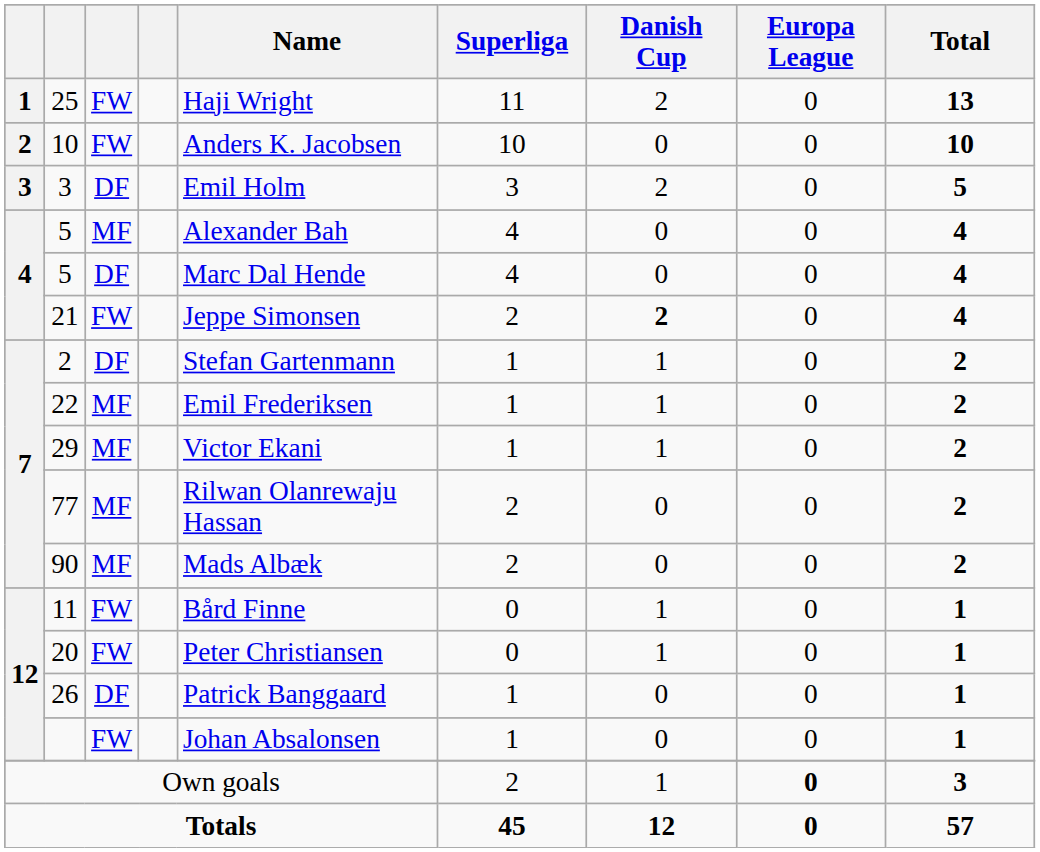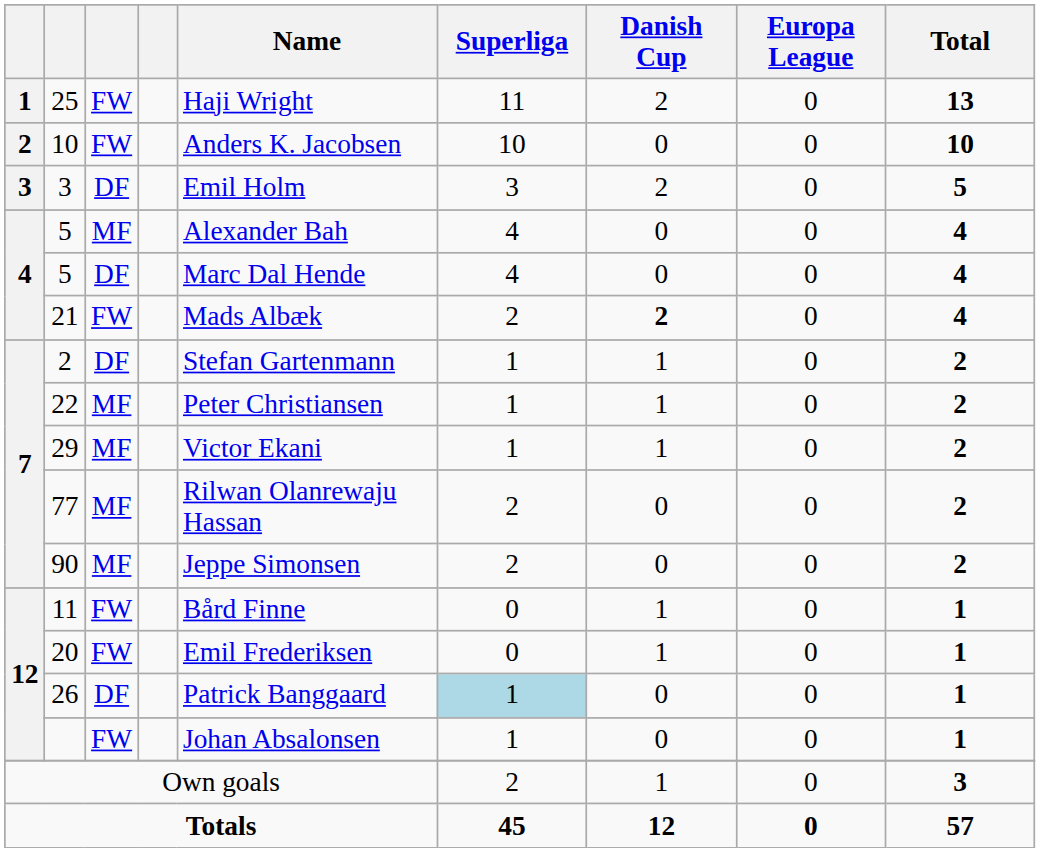 <table class="wikitable" style="text-align:center">
 <tr>
 <th width=15></th>
 <th width=15></th>
 <th width=15></th>
 <th width=15></th>
 <th width=145>Name</th>
 <th width=80><a href='#'>Superliga</a></th>
 <th width=80><a href='#'>Danish Cup</a></th>
 <th width=80><a href='#'>Europa League</a></th>
 <th width=80>Total</th>
 </tr>
 <tr>
 <th rowspan=1>1</th>
 <td>25</td>
 <td><a href='#'>FW</a></td>
 <td></td>
 <td align=left><a href='#'>Haji Wright</a></td>
 <td>11</td>
 <td>2</td>
 <td>0</td>
 <td><strong>13</strong></td>
 </tr>
 <tr>
 <th rowspan=1>2</th>
 <td>10</td>
 <td><a href='#'>FW</a></td>
 <td></td>
 <td align=left><a href='#'>Anders K. Jacobsen</a></td>
 <td>10</td>
 <td>0</td>
 <td>0</td>
 <td><strong>10</strong></td>
 </tr>
 <tr>
 <th rowspan=1>3</th>
 <td>3</td>
 <td><a href='#'>DF</a></td>
 <td></td>
 <td align=left><a href='#'>Emil Holm</a></td>
 <td>3</td>
 <td>2</td>
 <td>0</td>
 <td><strong>5</strong></td>
 </tr>
 <tr>
 <th rowspan=3>4</th>
 <td>5</td>
 <td><a href='#'>MF</a></td>
 <td></td>
 <td align=left><a href='#'>Alexander Bah</a></td>
 <td>4</td>
 <td>0</td>
 <td>0</td>
 <td><strong>4</strong></td>
 </tr>
 <tr>
 <td>5</td>
 <td><a href='#'>DF</a></td>
 <td></td>
 <td align=left><a href='#'>Marc Dal Hende</a></td>
 <td>4</td>
 <td>0</td>
 <td>0</td>
 <td><strong>4</strong></td>
 </tr>
 <tr>
 <td>21</td>
 <td><a href='#'>FW</a></td>
 <td></td>
-<td align=left><a href='#'>Jeppe Simonsen</a></td>
+<td align=left><a href='#'>Mads Albæk</a></td>
 <td>2</td>
 <td><strong>2</strong></td>
 <td>0</td>
 <td><strong>4</strong></td>
 </tr>
 <tr>
 <th rowspan=5>7</th>
 <td>2</td>
 <td><a href='#'>DF</a></td>
 <td></td>
 <td align=left><a href='#'>Stefan Gartenmann</a></td>
 <td>1</td>
 <td>1</td>
 <td>0</td>
 <td><strong>2</strong></td>
 </tr>
 <tr>
 <td>22</td>
 <td><a href='#'>MF</a></td>
 <td></td>
-<td align=left><a href='#'>Emil Frederiksen</a></td>
+<td align=left><a href='#'>Peter Christiansen</a></td>
 <td>1</td>
 <td>1</td>
 <td>0</td>
 <td><strong>2</strong></td>
 </tr>
 <tr>
 <td>29</td>
 <td><a href='#'>MF</a></td>
 <td></td>
 <td align=left><a href='#'>Victor Ekani</a></td>
 <td>1</td>
 <td>1</td>
 <td>0</td>
 <td><strong>2</strong></td>
 </tr>
 <tr>
 <td>77</td>
 <td><a href='#'>MF</a></td>
 <td></td>
 <td align=left><a href='#'>Rilwan Olanrewaju Hassan</a></td>
 <td>2</td>
 <td>0</td>
 <td>0</td>
 <td><strong>2</strong></td>
 </tr>
 <tr>
 <td>90</td>
 <td><a href='#'>MF</a></td>
 <td></td>
-<td align=left><a href='#'>Mads Albæk</a></td>
+<td align=left><a href='#'>Jeppe Simonsen</a></td>
 <td>2</td>
 <td>0</td>
 <td>0</td>
 <td><strong>2</strong></td>
 </tr>
 <tr>
 <th rowspan=4>12</th>
 <td>11</td>
 <td><a href='#'>FW</a></td>
 <td></td>
 <td align=left><a href='#'>Bård Finne</a></td>
 <td>0</td>
 <td>1</td>
 <td>0</td>
 <td><strong>1</strong></td>
 </tr>
 <tr>
 <td>20</td>
 <td><a href='#'>FW</a></td>
 <td></td>
-<td align=left><a href='#'>Peter Christiansen</a></td>
+<td align=left><a href='#'>Emil Frederiksen</a></td>
 <td>0</td>
 <td>1</td>
 <td>0</td>
 <td><strong>1</strong></td>
 </tr>
 <tr>
 <td>26</td>
 <td><a href='#'>DF</a></td>
 <td></td>
 <td align=left><a href='#'>Patrick Banggaard</a></td>
-<td>1</td>
+<td style="background: lightblue;">1</td>
 <td>0</td>
 <td>0</td>
 <td><strong>1</strong></td>
 </tr>
 <tr>
 <td></td>
 <td><a href='#'>FW</a></td>
 <td></td>
 <td align=left><a href='#'>Johan Absalonsen</a></td>
 <td>1</td>
 <td>0</td>
 <td>0</td>
 <td><strong>1</strong></td>
 </tr>
 <tr>
 </tr>
 <tr class="sortbottom">
 <td colspan=5>Own goals</td>
 <td>2</td>
 <td>1</td>
-<td><strong>0</strong></td>
+<td>0</td>
 <td><strong>3</strong></td>
 </tr>
 <tr>
 <td colspan=5><strong>Totals</strong></td>
 <td><strong>45</strong></td>
 <td><strong>12</strong></td>
 <td><strong>0</strong></td>
 <td><strong>57</strong></td>
 </tr>
 </table>
